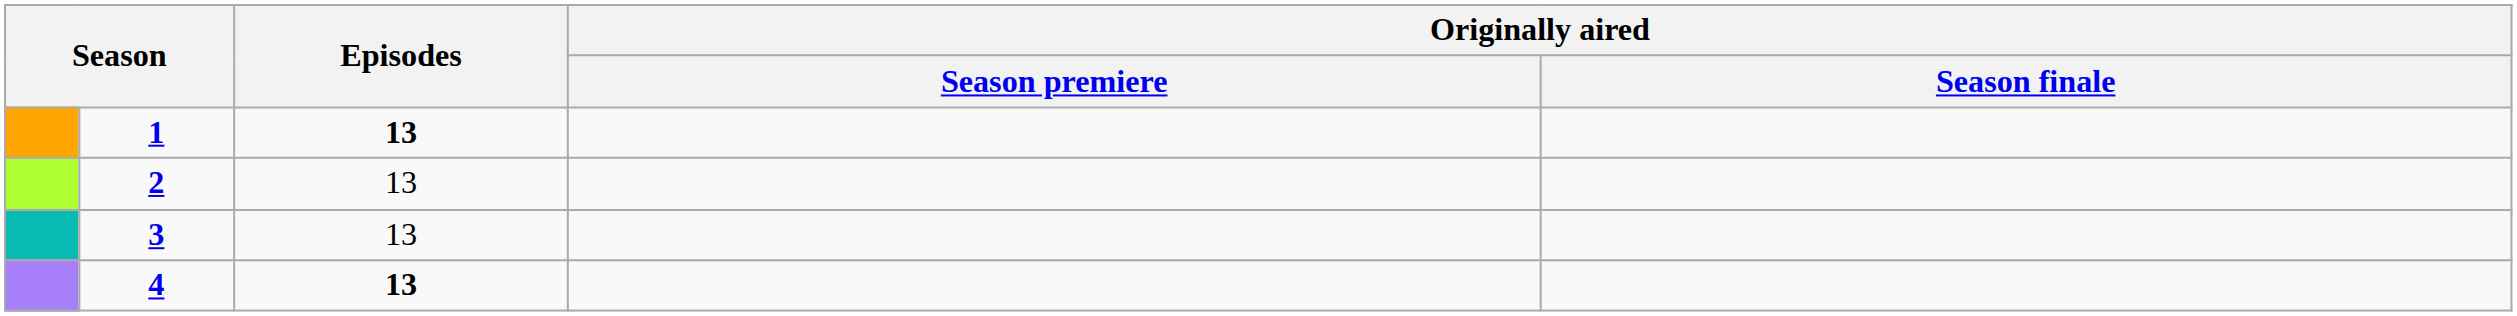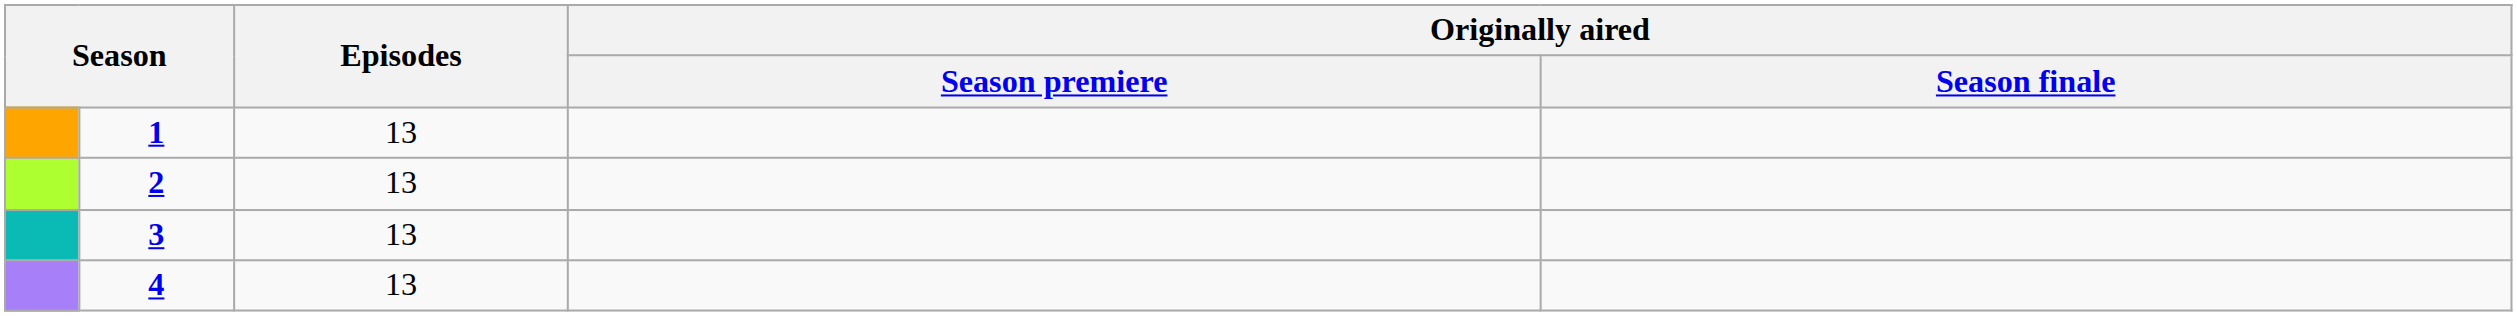 <table class="wikitable" style="text-align:center">
 <tr>
 <th colspan="2" rowspan="2" style="width:3%;">Season</th>
 <th rowspan="2" style="width:5%;">Episodes</th>
 <th colspan="2">Originally aired</th>
 </tr>
 <tr>
 <th style="width:15%;"><a href='#'>Season premiere</a></th>
 <th style="width:15%;"><a href='#'>Season finale</a></th>
 </tr>
 <tr>
 <td style="background:orange; height:10px;"></td>
 <td><strong><a href='#'>1</a></strong></td>
-<td><strong>13</strong></td>
+<td>13</td>
 <td></td>
 <td></td>
 </tr>
 <tr>
 <td style="background:#adff2f; height:10px;"></td>
 <td><strong><a href='#'>2</a></strong></td>
 <td>13</td>
 <td></td>
 <td></td>
 </tr>
 <tr>
 <td style="background:#0abab5; height:10px;"></td>
 <td><strong><a href='#'>3</a></strong></td>
 <td>13</td>
 <td></td>
 <td></td>
 </tr>
 <tr>
 <td style="background:#a77ff8; height:10px;"></td>
 <td><strong><a href='#'>4</a></strong></td>
-<td><strong>13</strong></td>
+<td>13</td>
 <td></td>
 <td></td>
 </tr>
 </table>
